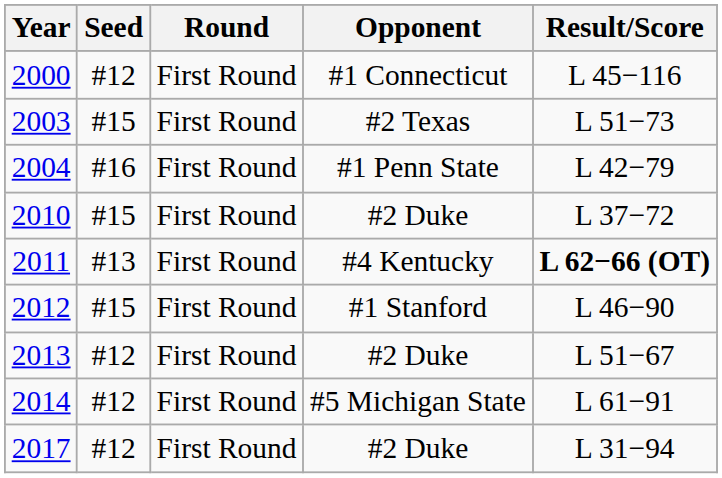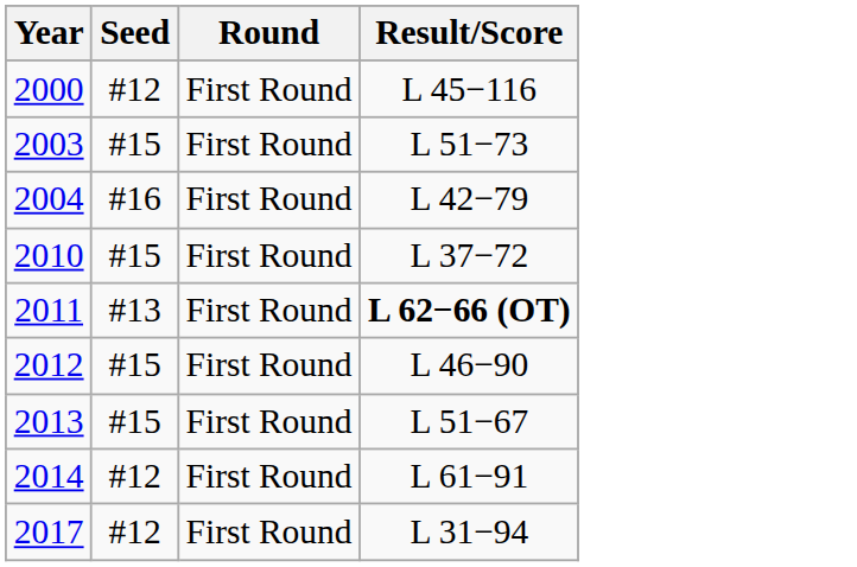 <table class="wikitable" style="text-align:center;">
 <tr>
 <th>Year</th>
 <th>Seed</th>
 <th>Round</th>
-<th>Opponent</th>
 <th>Result/Score</th>
 </tr>
 <tr style="text-align:center;">
 <td><a href='#'>2000</a></td>
 <td>#12</td>
 <td>First Round</td>
-<td>#1 Connecticut</td>
 <td>L 45−116</td>
 </tr>
 <tr>
 <td><a href='#'>2003</a></td>
 <td>#15</td>
 <td>First Round</td>
-<td>#2 Texas</td>
 <td>L 51−73</td>
 </tr>
 <tr>
 <td><a href='#'>2004</a></td>
 <td>#16</td>
 <td>First Round</td>
-<td>#1 Penn State</td>
 <td>L 42−79</td>
 </tr>
 <tr>
 <td><a href='#'>2010</a></td>
 <td>#15</td>
 <td>First Round</td>
-<td>#2 Duke</td>
 <td>L 37−72</td>
 </tr>
 <tr>
 <td><a href='#'>2011</a></td>
 <td>#13</td>
 <td>First Round</td>
-<td>#4 Kentucky</td>
 <td><strong>L 62−66 (OT)</strong></td>
 </tr>
 <tr>
 <td><a href='#'>2012</a></td>
 <td>#15</td>
 <td>First Round</td>
-<td>#1 Stanford</td>
 <td>L 46−90</td>
 </tr>
 <tr>
 <td><a href='#'>2013</a></td>
-<td>#12</td>
+<td>#15</td>
 <td>First Round</td>
-<td>#2 Duke</td>
 <td>L 51−67</td>
 </tr>
 <tr>
 <td><a href='#'>2014</a></td>
 <td>#12</td>
 <td>First Round</td>
-<td>#5 Michigan State</td>
 <td>L 61−91</td>
 </tr>
 <tr>
 <td><a href='#'>2017</a></td>
 <td>#12</td>
 <td>First Round</td>
-<td>#2 Duke</td>
 <td>L 31−94</td>
 </tr>
 </table>
